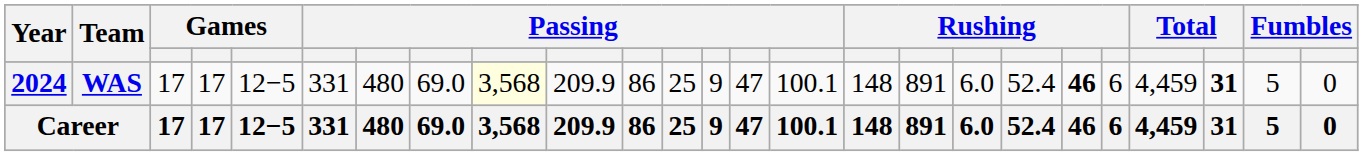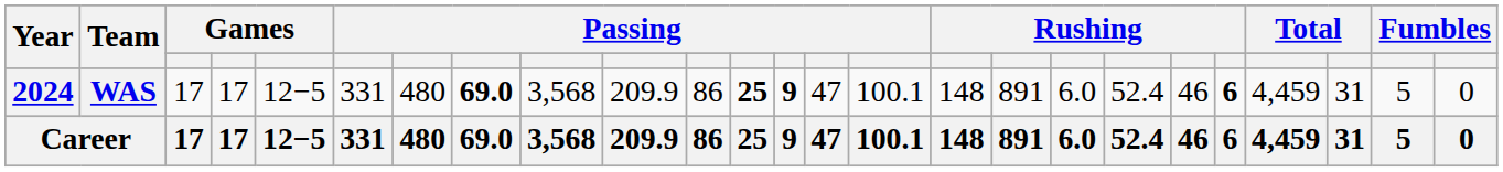 <table class="wikitable" style="text-align:center;">
 <tr>
 <th rowspan="2">Year</th>
 <th rowspan="2">Team</th>
 <th colspan="3">Games</th>
 <th colspan="10"><a href='#'>Passing</a></th>
 <th colspan="6"><a href='#'>Rushing</a></th>
 <th colspan="2"><a href='#'>Total</a></th>
 <th colspan="2"><a href='#'>Fumbles</a></th>
 </tr>
 <tr>
 <th></th>
 <th></th>
 <th></th>
 <th></th>
 <th></th>
 <th></th>
 <th></th>
 <th></th>
 <th></th>
 <th></th>
 <th></th>
 <th></th>
 <th></th>
 <th></th>
 <th></th>
 <th></th>
 <th></th>
 <th></th>
 <th></th>
 <th></th>
 <th></th>
 <th></th>
 <th></th>
 </tr>
 <tr>
 <th><a href='#'>2024</a></th>
 <th><a href='#'>WAS</a></th>
 <td>17</td>
 <td>17</td>
 <td>12−5</td>
 <td>331</td>
 <td>480</td>
-<td>69.0</td>
-<td style="background: lightyellow;">3,568</td>
+<td><strong>69.0</strong></td>
+<td>3,568</td>
 <td>209.9</td>
 <td>86</td>
-<td>25</td>
-<td>9</td>
+<td><strong>25</strong></td>
+<td><strong>9</strong></td>
 <td>47</td>
 <td>100.1</td>
 <td>148</td>
 <td>891</td>
 <td>6.0</td>
 <td>52.4</td>
-<td><strong>46</strong></td>
-<td>6</td>
+<td>46</td>
+<td><strong>6</strong></td>
 <td>4,459</td>
-<td><strong>31</strong></td>
+<td>31</td>
 <td>5</td>
 <td>0</td>
 </tr>
 <tr>
 <th colspan="2">Career</th>
 <th>17</th>
 <th>17</th>
 <th>12−5</th>
 <th>331</th>
 <th>480</th>
 <th>69.0</th>
 <th>3,568</th>
 <th>209.9</th>
 <th>86</th>
 <th>25</th>
 <th>9</th>
 <th>47</th>
 <th>100.1</th>
 <th>148</th>
 <th>891</th>
 <th>6.0</th>
 <th>52.4</th>
 <th>46</th>
 <th>6</th>
 <th>4,459</th>
 <th>31</th>
 <th>5</th>
 <th>0</th>
 </tr>
 </table>
